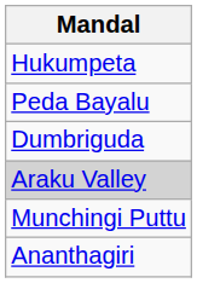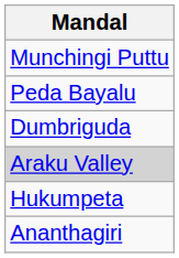 <table class="wikitable sortable static-row-numbers static-row-header-hash">
 <tr>
 <th>Mandal</th>
 </tr>
 <tr>
-<td><a href='#'>Hukumpeta</a></td>
+<td><a href='#'>Munchingi Puttu</a></td>
 </tr>
 <tr>
 <td><a href='#'>Peda Bayalu</a></td>
 </tr>
 <tr>
 <td><a href='#'>Dumbriguda</a></td>
 </tr>
 <tr>
 <td style="background: lightgrey;"><a href='#'>Araku Valley</a></td>
 </tr>
 <tr>
-<td><a href='#'>Munchingi Puttu</a></td>
+<td><a href='#'>Hukumpeta</a></td>
 </tr>
 <tr>
 <td><a href='#'>Ananthagiri</a></td>
 </tr>
 </table>
